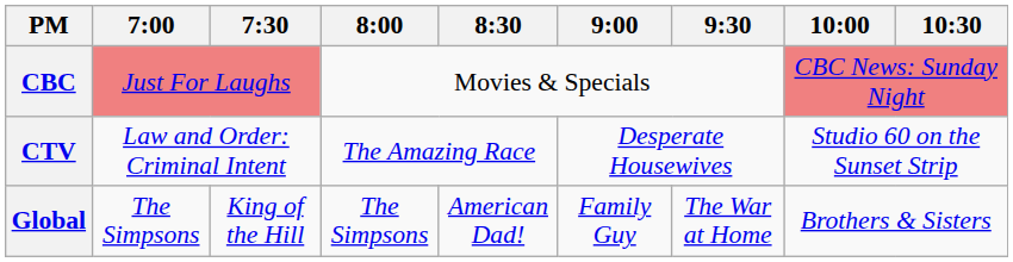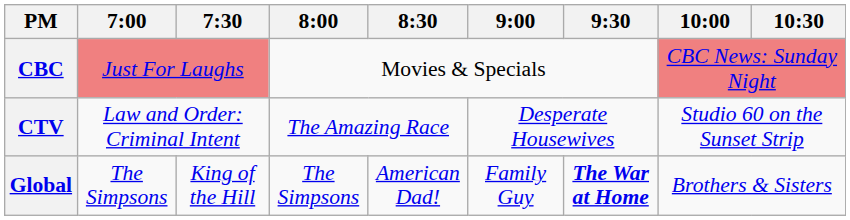 <table class="wikitable" width="100%">
 <tr>
 <th width="4%">PM</th>
 <th width="12%">7:00</th>
 <th width="12%">7:30</th>
 <th width="12%">8:00</th>
 <th width="12%">8:30</th>
 <th width="12%">9:00</th>
 <th width="12%">9:30</th>
 <th width="12%">10:00</th>
 <th width="12%">10:30</th>
 </tr>
 <tr align="center">
 <th><a href='#'>CBC</a></th>
 <td colspan="2" bgcolor="#F08080"><em><a href='#'>Just For Laughs</a></em></td>
 <td colspan="4">Movies & Specials</td>
 <td colspan="2" bgcolor="#F08080"><em><a href='#'>CBC News: Sunday Night</a></em></td>
 </tr>
 <tr align="center">
 <th><a href='#'>CTV</a></th>
 <td colspan="2"><em><a href='#'>Law and Order: Criminal Intent</a></em></td>
 <td colspan="2"><em><a href='#'>The Amazing Race</a></em></td>
 <td colspan="2"><em><a href='#'>Desperate Housewives</a></em></td>
 <td colspan="2"><em><a href='#'>Studio 60 on the Sunset Strip</a></em></td>
 </tr>
 <tr align="center">
 <th><a href='#'>Global</a></th>
 <td colspan="1" align=center><em><a href='#'>The Simpsons</a></em></td>
 <td colspan="1" align=center><em><a href='#'>King of the Hill</a></em></td>
 <td colspan="1" align=center><em><a href='#'>The Simpsons</a></em></td>
 <td colspan="1" align=center><em><a href='#'>American Dad!</a></em></td>
 <td colspan="1" align=center><em><a href='#'>Family Guy</a></em></td>
-<td colspan="1" align=center><em><a href='#'>The War at Home</a></em></td>
+<td colspan="1" align=center><strong><em><a href='#'>The War at Home</a></em></strong></td>
 <td colspan="2" align=center><em><a href='#'>Brothers & Sisters</a></em></td>
 </tr>
 </table>
